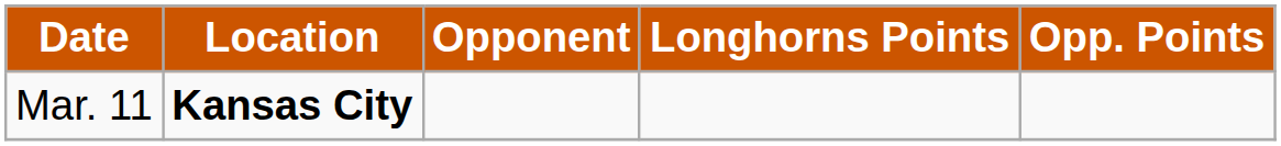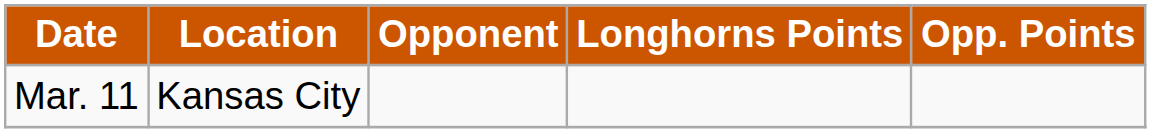 <table class="wikitable" style="text-align:center">
 <tr>
 <th style="background:#CC5500;color:#FFFFFF;">Date</th>
 <th style="background:#CC5500;color:#FFFFFF;">Location</th>
 <th style="background:#CC5500;color:#FFFFFF;">Opponent</th>
 <th style="background:#CC5500;color:#FFFFFF;">Longhorns Points</th>
 <th style="background:#CC5500;color:#FFFFFF;">Opp. Points</th>
 </tr>
 <tr>
 <td>Mar. 11</td>
-<td><strong>Kansas City</strong></td>
+<td>Kansas City</td>
 <td></td>
 <td></td>
 <td></td>
 </tr>
 <tr>
 </tr>
 </table>
